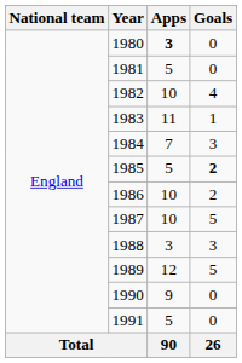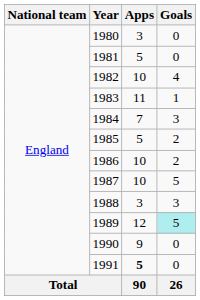 <table class="wikitable" style="text-align: center;">
 <tr>
 <th>National team</th>
 <th>Year</th>
 <th>Apps</th>
 <th>Goals</th>
 </tr>
 <tr>
 <td rowspan="12"><a href='#'>England</a></td>
 <td>1980</td>
-<td><strong>3</strong></td>
+<td>3</td>
 <td>0</td>
 </tr>
 <tr>
 <td>1981</td>
 <td>5</td>
 <td>0</td>
 </tr>
 <tr>
 <td>1982</td>
 <td>10</td>
 <td>4</td>
 </tr>
 <tr>
 <td>1983</td>
 <td>11</td>
 <td>1</td>
 </tr>
 <tr>
 <td>1984</td>
 <td>7</td>
 <td>3</td>
 </tr>
 <tr>
 <td>1985</td>
 <td>5</td>
-<td><strong>2</strong></td>
+<td>2</td>
 </tr>
 <tr>
 <td>1986</td>
 <td>10</td>
 <td>2</td>
 </tr>
 <tr>
 <td>1987</td>
 <td>10</td>
 <td>5</td>
 </tr>
 <tr>
 <td>1988</td>
 <td>3</td>
 <td>3</td>
 </tr>
 <tr>
 <td>1989</td>
 <td>12</td>
-<td>5</td>
+<td style="background: paleturquoise;">5</td>
 </tr>
 <tr>
 <td>1990</td>
 <td>9</td>
 <td>0</td>
 </tr>
 <tr>
 <td>1991</td>
-<td>5</td>
+<td><strong>5</strong></td>
 <td>0</td>
 </tr>
 <tr>
 <th colspan="2">Total</th>
 <th>90</th>
 <th>26</th>
 </tr>
 </table>
